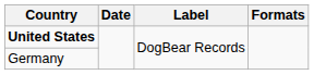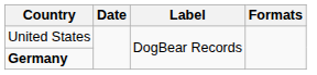 <table class="wikitable">
 <tr>
 <th>Country</th>
 <th>Date</th>
 <th>Label</th>
 <th>Formats</th>
 </tr>
 <tr>
-<td><strong>United States</strong></td>
+<td>United States</td>
 <td rowspan="2"></td>
 <td rowspan="2">DogBear Records</td>
 <td rowspan="2"></td>
 </tr>
 <tr>
-<td>Germany</td>
+<td><strong>Germany</strong></td>
 </tr>
 </table>
